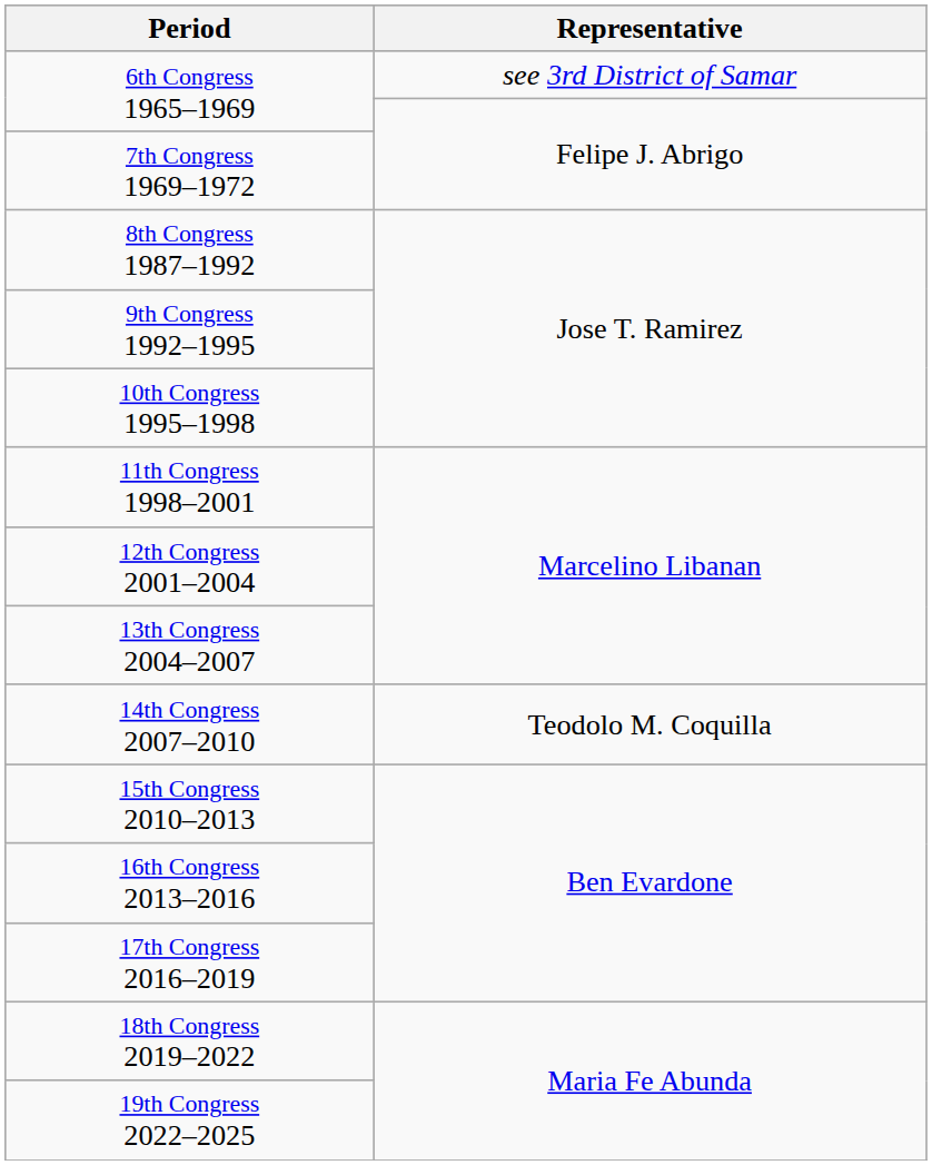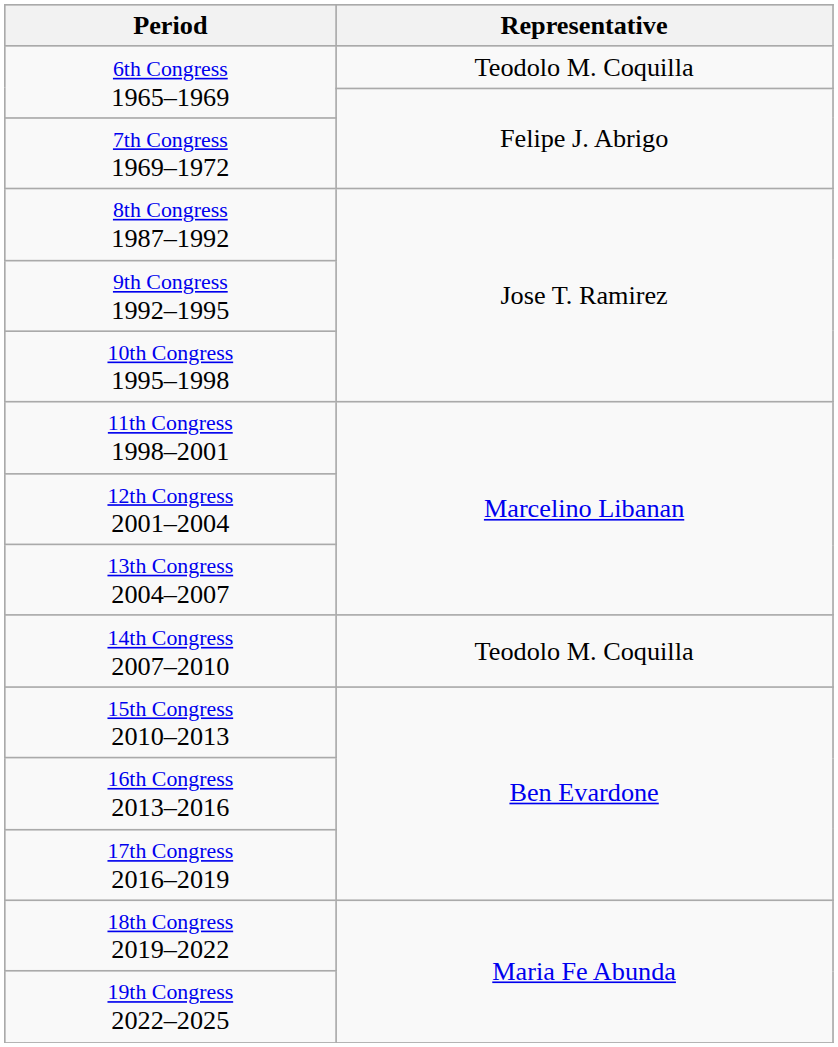 <table class="wikitable" style="text-align:center; width:40%;">
 <tr>
 <th width="40%">Period</th>
 <th>Representative</th>
 </tr>
 <tr>
 <td rowspan="2"><small><a href='#'>6th Congress</a></small><br>1965–1969</td>
-<td><em>see <a href='#'>3rd District of Samar</a></em></td>
+<td>Teodolo M. Coquilla</td>
 </tr>
 <tr>
 <td rowspan="2">Felipe J. Abrigo</td>
 </tr>
 <tr>
 <td><small><a href='#'>7th Congress</a></small><br>1969–1972</td>
 </tr>
 <tr>
 <td><small><a href='#'>8th Congress</a></small><br>1987–1992</td>
 <td rowspan="3">Jose T. Ramirez</td>
 </tr>
 <tr>
 <td><small><a href='#'>9th Congress</a></small><br>1992–1995</td>
 </tr>
 <tr>
 <td><small><a href='#'>10th Congress</a></small><br>1995–1998</td>
 </tr>
 <tr>
 <td><small><a href='#'>11th Congress</a></small><br>1998–2001</td>
 <td rowspan="3"><a href='#'>Marcelino Libanan</a></td>
 </tr>
 <tr>
 <td><small><a href='#'>12th Congress</a></small><br>2001–2004</td>
 </tr>
 <tr>
 <td><small><a href='#'>13th Congress</a></small><br>2004–2007</td>
 </tr>
 <tr>
 <td><small><a href='#'>14th Congress</a></small><br>2007–2010</td>
 <td>Teodolo M. Coquilla</td>
 </tr>
 <tr>
 <td><small><a href='#'>15th Congress</a></small><br>2010–2013</td>
 <td rowspan="3"><a href='#'>Ben Evardone</a></td>
 </tr>
 <tr>
 <td><small><a href='#'>16th Congress</a></small><br>2013–2016</td>
 </tr>
 <tr>
 <td><small><a href='#'>17th Congress</a></small><br>2016–2019</td>
 </tr>
 <tr>
 <td><small><a href='#'>18th Congress</a></small><br>2019–2022</td>
 <td rowspan="2"><a href='#'>Maria Fe Abunda</a></td>
 </tr>
 <tr>
 <td><small><a href='#'>19th Congress</a></small><br>2022–2025</td>
 </tr>
 </table>
